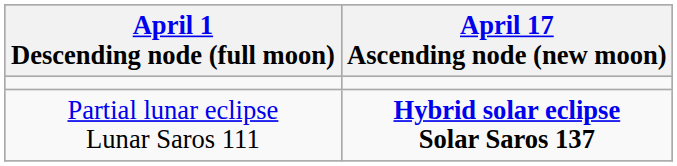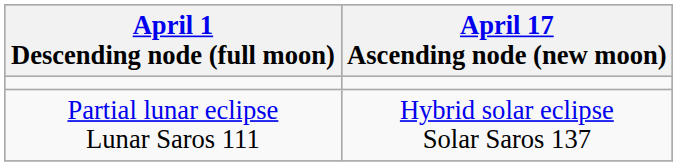 <table class="wikitable">
 <tr>
 <th><a href='#'>April 1</a><br>Descending node (full moon)</th>
 <th><a href='#'>April 17</a><br>Ascending node (new moon)</th>
 </tr>
 <tr>
 <td></td>
 <td></td>
 </tr>
 <tr align=center>
 <td><a href='#'>Partial lunar eclipse</a><br>Lunar Saros 111</td>
-<td><strong><a href='#'>Hybrid solar eclipse</a><br>Solar Saros 137</strong></td>
+<td><a href='#'>Hybrid solar eclipse</a><br>Solar Saros 137</td>
 </tr>
 </table>
